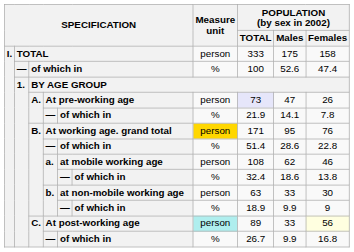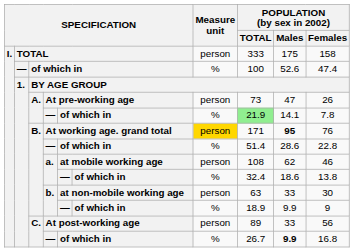 <table class="wikitable" style="font-size:85%; text-align:center">
 <tr>
 <th rowspan="2" colspan="6">SPECIFICATION</th>
 <th rowspan="2">Measure<br> unit</th>
 <th colspan="3" rowspan="1">POPULATION<br> (by sex in 2002)</th>
 </tr>
 <tr>
 <th>TOTAL</th>
 <th>Males</th>
 <th>Females</th>
 </tr>
 <tr>
 <th style="text-align:left" valign="top" rowspan="13">I.</th>
 <th style="text-align:left" colspan="5">TOTAL</th>
 <td>person</td>
 <td>333</td>
 <td>175</td>
 <td>158</td>
 </tr>
 <tr>
 <th style="text-align:left" valign="top">—</th>
 <th style="text-align:left" colspan="4">of which in</th>
 <td>%</td>
 <td>100</td>
 <td>52.6</td>
 <td>47.4</td>
 </tr>
 <tr>
 <th style="text-align:left" valign="top" rowspan="11">1.</th>
 <th style="text-align:left" colspan="19">BY AGE GROUP</th>
 </tr>
 <tr>
 <th style="text-align:left" valign="top" rowspan="2">A.</th>
 <th style="text-align:left" colspan="3">At pre-working age</th>
 <td>person</td>
-<td style="background: lavender;">73</td>
+<td>73</td>
 <td>47</td>
 <td>26</td>
 </tr>
 <tr>
 <th style="text-align:left" valign="top">—</th>
 <th style="text-align:left" valign="top" colspan="2">of which in</th>
 <td>%</td>
-<td>21.9</td>
+<td style="background: lightgreen;">21.9</td>
 <td>14.1</td>
 <td>7.8</td>
 </tr>
 <tr>
 <th style="text-align:left" valign="top" rowspan="6">B.</th>
 <th style="text-align:left" colspan="3">At working age. grand total</th>
 <td style="background: gold;">person</td>
 <td>171</td>
-<td>95</td>
+<td><strong>95</strong></td>
 <td>76</td>
 </tr>
 <tr>
 <th style="text-align:left" valign="top">—</th>
 <th style="text-align:left" valign="top" colspan="2">of which in</th>
 <td>%</td>
 <td>51.4</td>
 <td>28.6</td>
 <td>22.8</td>
 </tr>
 <tr>
 <th style="text-align:left" valign="top" rowspan="2">a.</th>
 <th style="text-align:left" colspan="2">at mobile working age</th>
 <td>person</td>
 <td>108</td>
 <td>62</td>
 <td>46</td>
 </tr>
 <tr>
 <th style="text-align:left" valign="top">—</th>
 <th style="text-align:left" valign="top" colspan="1">of which in                        </th>
 <td>%</td>
 <td>32.4</td>
 <td>18.6</td>
 <td>13.8</td>
 </tr>
 <tr>
 <th style="text-align:left" valign="top" rowspan="2">b.</th>
 <th style="text-align:left" colspan="2">at non-mobile working age</th>
 <td>person</td>
 <td>63</td>
 <td>33</td>
 <td>30</td>
 </tr>
 <tr>
 <th style="text-align:left" valign="top">—</th>
 <th style="text-align:left" valign="top" colspan="1">of which in                        </th>
 <td>%</td>
 <td>18.9</td>
 <td>9.9</td>
 <td>9</td>
 </tr>
 <tr>
 <th style="text-align:left" valign="top" rowspan="2">C.</th>
 <th style="text-align:left" colspan="3">At post-working age</th>
-<td style="background: paleturquoise;">person</td>
+<td>person</td>
 <td>89</td>
 <td>33</td>
-<td style="background: lightyellow;">56</td>
+<td>56</td>
 </tr>
 <tr>
 <th style="text-align:left" valign="top">—</th>
 <th style="text-align:left" valign="top" colspan="2">of which in</th>
 <td>%</td>
 <td>26.7</td>
-<td>9.9</td>
+<td><strong>9.9</strong></td>
 <td>16.8</td>
 </tr>
 </table>
